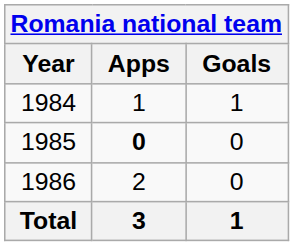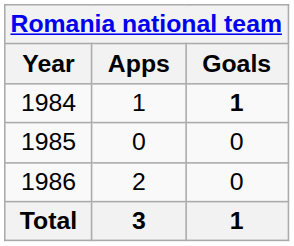 <table class="wikitable" style="text-align:center">
 <tr>
 <th colspan=3><a href='#'>Romania national team</a></th>
 </tr>
 <tr>
 <th>Year</th>
 <th>Apps</th>
 <th>Goals</th>
 </tr>
 <tr>
 <td>1984</td>
 <td>1</td>
-<td>1</td>
+<td><strong>1</strong></td>
 </tr>
 <tr>
 <td>1985</td>
-<td><strong>0</strong></td>
+<td>0</td>
 <td>0</td>
 </tr>
 <tr>
 <td>1986</td>
 <td>2</td>
 <td>0</td>
 </tr>
 <tr>
 <th>Total</th>
 <th>3</th>
 <th>1</th>
 </tr>
 </table>
